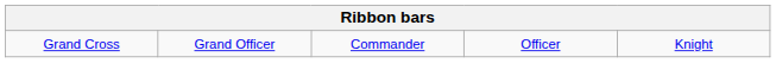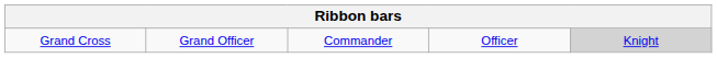 <table class=wikitable width=60% align=center style="margin-left: auto; margin-right: auto; border: none;">
 <tr>
 <th colspan=5><strong>Ribbon bars</strong></th>
 </tr>
 <tr>
 <td width=20% valign=top align=center><small><a href='#'>Grand Cross</a></small></td>
 <td width=20% valign=top align=center><small><a href='#'>Grand Officer</a></small></td>
 <td width=20% valign=top align=center><small><a href='#'>Commander</a></small></td>
 <td width=20% valign=top align=center><small><a href='#'>Officer</a></small></td>
-<td width=20% valign=top align=center><small><a href='#'>Knight</a></small></td>
+<td width=20% valign=top align=center style="background: lightgrey;"><small><a href='#'>Knight</a></small></td>
 </tr>
 </table>
